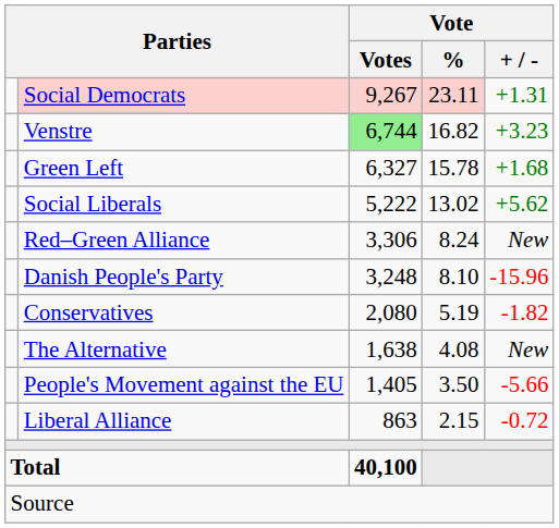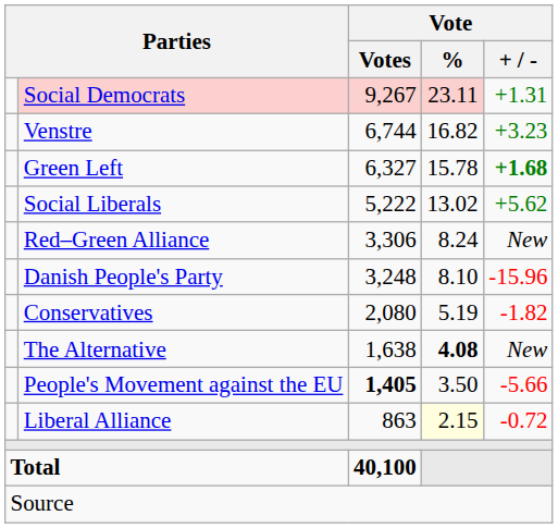 <table class="wikitable" style="text-align:right;">
 <tr>
 <th style="text-align:centre;" rowspan="2" colspan="2" width="225">Parties</th>
 <th colspan="3">Vote</th>
 </tr>
 <tr>
 <th width="15">Votes</th>
 <th width="15">%</th>
 <th width="15">+ / -</th>
 </tr>
 <tr>
 <td width="2" style="color:inherit;background:"></td>
 <td bgcolor=#fbd0ce   align="left"><a href='#'>Social Democrats</a></td>
 <td bgcolor=#fbd0ce>9,267</td>
 <td bgcolor=#fbd0ce>23.11</td>
 <td style=color:green;>+1.31</td>
 </tr>
 <tr>
 <td width="2" style="color:inherit;background:"></td>
 <td align="left"><a href='#'>Venstre</a></td>
-<td style="background: lightgreen;">6,744</td>
+<td>6,744</td>
 <td>16.82</td>
 <td style=color:green;>+3.23</td>
 </tr>
 <tr>
 <td width="2" style="color:inherit;background:"></td>
 <td align="left"><a href='#'>Green Left</a></td>
 <td>6,327</td>
 <td>15.78</td>
-<td style=color:green;>+1.68</td>
+<td style=color:green;><strong>+1.68</strong></td>
 </tr>
 <tr>
 <td width="2" style="color:inherit;background:"></td>
 <td align="left"><a href='#'>Social Liberals</a></td>
 <td>5,222</td>
 <td>13.02</td>
 <td style=color:green;>+5.62</td>
 </tr>
 <tr>
 <td width="2" style="color:inherit;background:"></td>
 <td align="left"><a href='#'>Red–Green Alliance</a></td>
 <td>3,306</td>
 <td>8.24</td>
 <td><em>New</em></td>
 </tr>
 <tr>
 <td width="2" style="color:inherit;background:"></td>
 <td align="left"><a href='#'>Danish People's Party</a></td>
 <td>3,248</td>
 <td>8.10</td>
 <td style=color:red;>-15.96</td>
 </tr>
 <tr>
 <td width="2" style="color:inherit;background:"></td>
 <td align="left"><a href='#'>Conservatives</a></td>
 <td>2,080</td>
 <td>5.19</td>
 <td style=color:red;>-1.82</td>
 </tr>
 <tr>
 <td width="2" style="color:inherit;background:"></td>
 <td align="left"><a href='#'>The Alternative</a></td>
 <td>1,638</td>
-<td>4.08</td>
+<td><strong>4.08</strong></td>
 <td><em>New</em></td>
 </tr>
 <tr>
 <td width="2" style="color:inherit;background:"></td>
 <td align="left"><a href='#'>People's Movement against the EU</a></td>
-<td>1,405</td>
+<td><strong>1,405</strong></td>
 <td>3.50</td>
 <td style=color:red;>-5.66</td>
 </tr>
 <tr>
 <td width="2" style="color:inherit;background:"></td>
 <td align="left"><a href='#'>Liberal Alliance</a></td>
 <td>863</td>
-<td>2.15</td>
+<td style="background: lightyellow;">2.15</td>
 <td style=color:red;>-0.72</td>
 </tr>
 <tr>
 <td colspan="7" bgcolor="#E9E9E9"></td>
 </tr>
 <tr>
 <td align="left" colspan="2"><strong>Total</strong></td>
 <td><strong>40,100</strong></td>
 <td bgcolor="#E9E9E9" colspan="2"></td>
 </tr>
 <tr>
 <td align="left" colspan="6">Source</td>
 </tr>
 </table>
